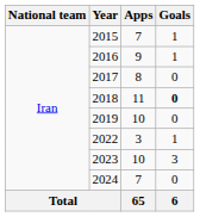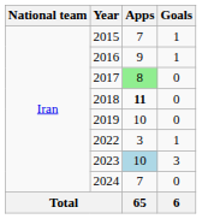 <table class="wikitable" style="text-align:center">
 <tr>
 <th>National team</th>
 <th>Year</th>
 <th>Apps</th>
 <th>Goals</th>
 </tr>
 <tr>
 <td rowspan="8"><a href='#'>Iran</a></td>
 <td>2015</td>
 <td>7</td>
 <td>1</td>
 </tr>
 <tr>
 <td>2016</td>
 <td>9</td>
 <td>1</td>
 </tr>
 <tr>
 <td>2017</td>
-<td>8</td>
+<td style="background: lightgreen;">8</td>
 <td>0</td>
 </tr>
 <tr>
 <td>2018</td>
-<td>11</td>
-<td><strong>0</strong></td>
+<td><strong>11</strong></td>
+<td>0</td>
 </tr>
 <tr>
 <td>2019</td>
 <td>10</td>
 <td>0</td>
 </tr>
 <tr>
 <td>2022</td>
 <td>3</td>
 <td>1</td>
 </tr>
 <tr>
 <td>2023</td>
-<td>10</td>
+<td style="background: lightblue;">10</td>
 <td>3</td>
 </tr>
 <tr>
 <td>2024</td>
 <td>7</td>
 <td>0</td>
 </tr>
 <tr>
 <th colspan="2">Total</th>
 <th>65</th>
 <th>6</th>
 </tr>
 </table>
